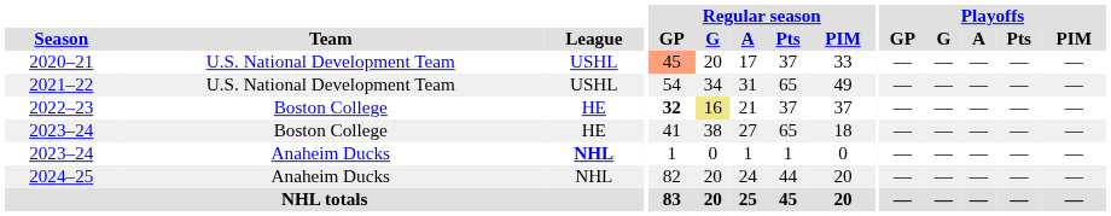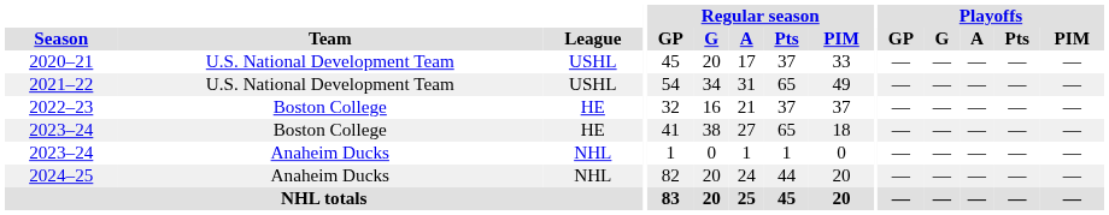 <table border="0" cellpadding="1" cellspacing="0" style="text-align:center; width:60em;">
 <tr bgcolor="#e0e0e0">
 <th colspan="3" bgcolor="#ffffff"></th>
 <th rowspan="97" bgcolor="#ffffff"></th>
 <th colspan="5"><a href='#'>Regular season</a></th>
 <th rowspan="97" bgcolor="#ffffff"></th>
 <th colspan="5"><a href='#'>Playoffs</a></th>
 </tr>
 <tr bgcolor="#e0e0e0">
 <th><a href='#'>Season</a></th>
 <th>Team</th>
 <th>League</th>
 <th>GP</th>
 <th><a href='#'>G</a></th>
 <th><a href='#'>A</a></th>
 <th><a href='#'>Pts</a></th>
 <th><a href='#'>PIM</a></th>
 <th>GP</th>
 <th>G</th>
 <th>A</th>
 <th>Pts</th>
 <th>PIM</th>
 </tr>
 <tr>
 <td><a href='#'>2020–21</a></td>
 <td><a href='#'>U.S. National Development Team</a></td>
 <td><a href='#'>USHL</a></td>
-<td style="background: lightsalmon;">45</td>
+<td>45</td>
 <td>20</td>
 <td>17</td>
 <td>37</td>
 <td>33</td>
 <td>—</td>
 <td>—</td>
 <td>—</td>
 <td>—</td>
 <td>—</td>
 </tr>
 <tr bgcolor="#f0f0f0">
 <td><a href='#'>2021–22</a></td>
 <td>U.S. National Development Team</td>
 <td>USHL</td>
 <td>54</td>
 <td>34</td>
 <td>31</td>
 <td>65</td>
 <td>49</td>
 <td>—</td>
 <td>—</td>
 <td>—</td>
 <td>—</td>
 <td>—</td>
 </tr>
 <tr>
 <td><a href='#'>2022–23</a></td>
 <td><a href='#'>Boston College</a></td>
 <td><a href='#'>HE</a></td>
-<td><strong>32</strong></td>
-<td style="background: khaki;">16</td>
+<td>32</td>
+<td>16</td>
 <td>21</td>
 <td>37</td>
 <td>37</td>
 <td>—</td>
 <td>—</td>
 <td>—</td>
 <td>—</td>
 <td>—</td>
 </tr>
 <tr bgcolor="#f0f0f0">
 <td><a href='#'>2023–24</a></td>
 <td>Boston College</td>
 <td>HE</td>
 <td>41</td>
 <td>38</td>
 <td>27</td>
 <td>65</td>
 <td>18</td>
 <td>—</td>
 <td>—</td>
 <td>—</td>
 <td>—</td>
 <td>—</td>
 </tr>
 <tr>
 <td><a href='#'>2023–24</a></td>
 <td><a href='#'>Anaheim Ducks</a></td>
-<td><strong><a href='#'>NHL</a></strong></td>
+<td><a href='#'>NHL</a></td>
 <td>1</td>
 <td>0</td>
 <td>1</td>
 <td>1</td>
 <td>0</td>
 <td>—</td>
 <td>—</td>
 <td>—</td>
 <td>—</td>
 <td>—</td>
 </tr>
 <tr bgcolor="#f0f0f0">
 <td><a href='#'>2024–25</a></td>
 <td>Anaheim Ducks</td>
 <td>NHL</td>
 <td>82</td>
 <td>20</td>
 <td>24</td>
 <td>44</td>
 <td>20</td>
 <td>—</td>
 <td>—</td>
 <td>—</td>
 <td>—</td>
 <td>—</td>
 </tr>
 <tr bgcolor="#e0e0e0">
 <th colspan="3">NHL totals</th>
 <th>83</th>
 <th>20</th>
 <th>25</th>
 <th>45</th>
 <th>20</th>
 <th>—</th>
 <th>—</th>
 <th>—</th>
 <th>—</th>
 <th>—</th>
 </tr>
 </table>
